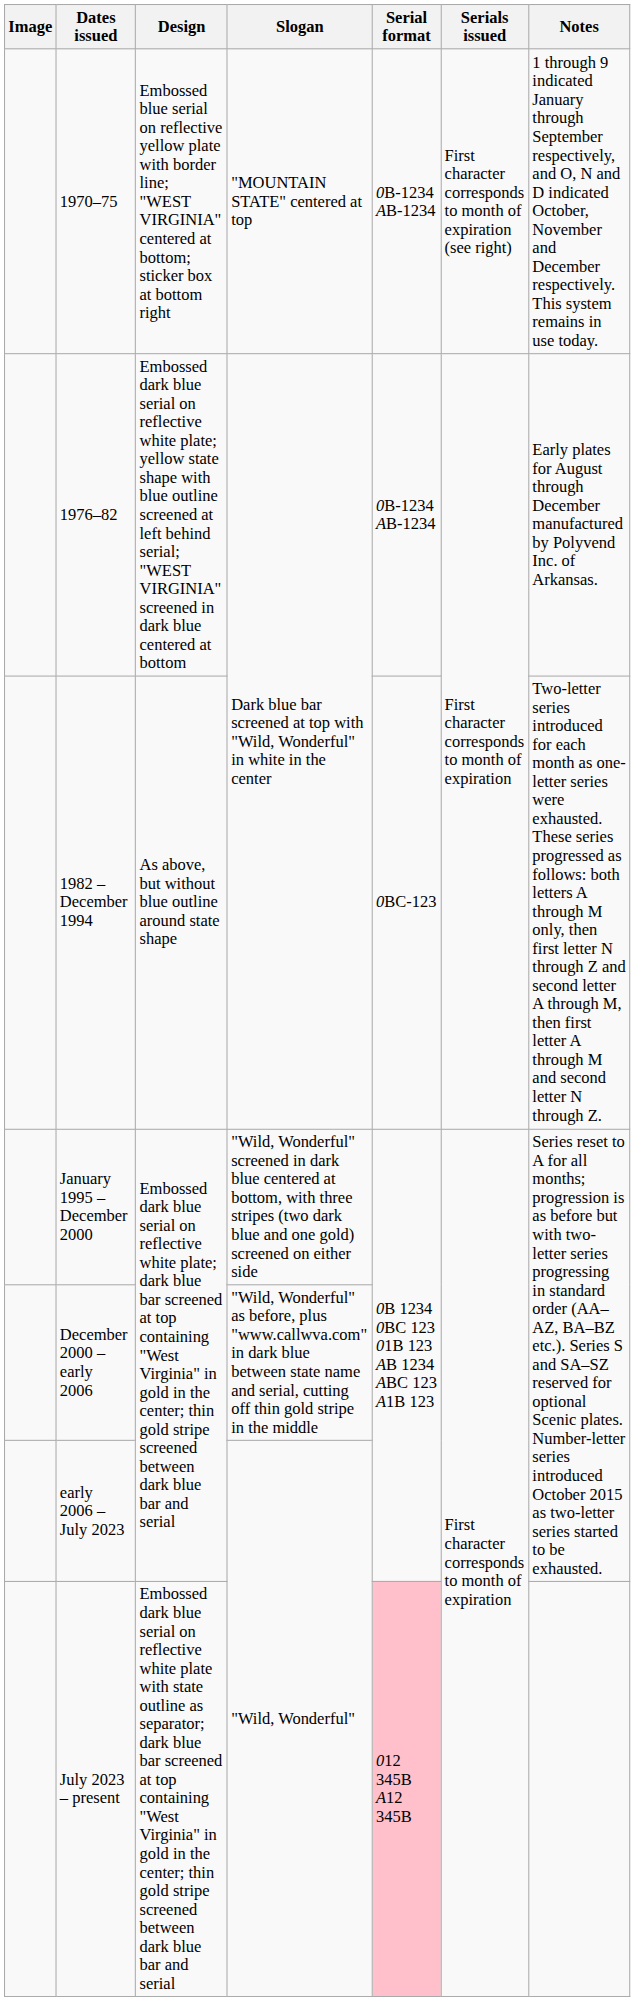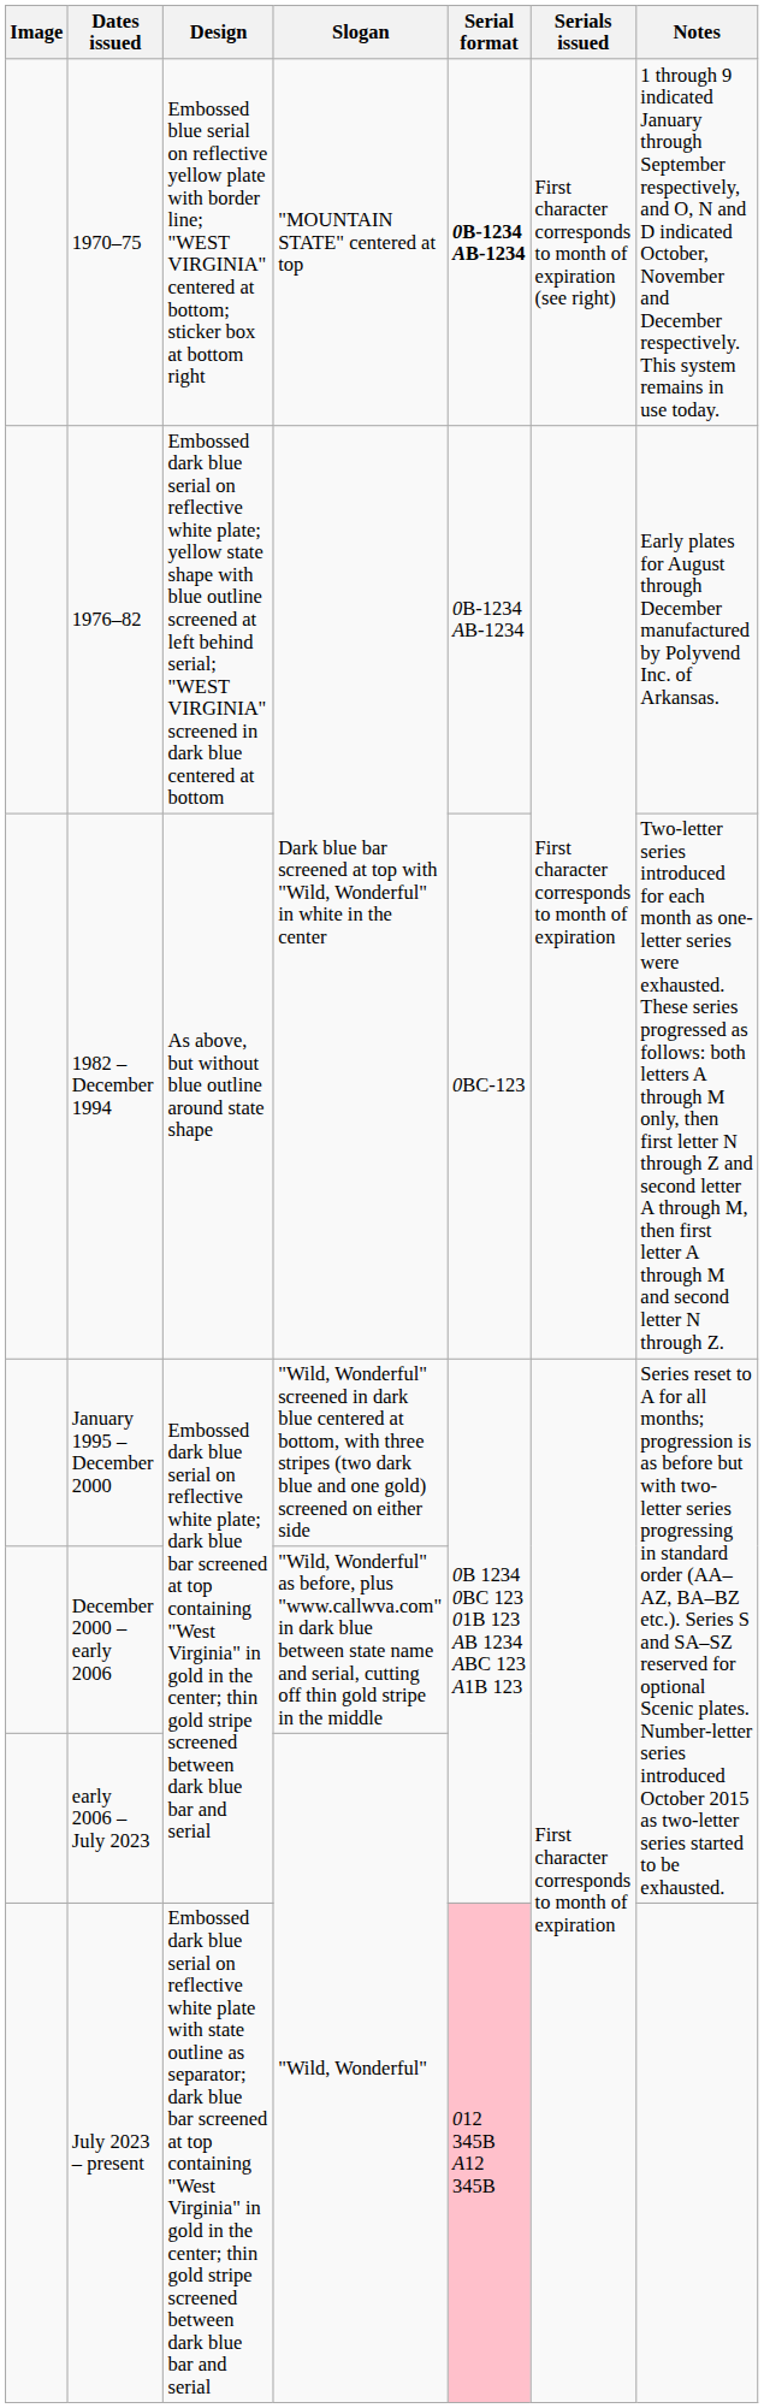 <table class="wikitable">
 <tr>
 <th>Image</th>
 <th style="width:70px;">Dates issued</th>
 <th>Design</th>
 <th>Slogan</th>
 <th>Serial format</th>
 <th>Serials issued</th>
 <th>Notes</th>
 </tr>
 <tr>
 <td></td>
 <td>1970–75</td>
 <td>Embossed blue serial on reflective yellow plate with border line; "WEST VIRGINIA" centered at bottom; sticker box at bottom right</td>
 <td>"MOUNTAIN STATE" centered at top</td>
-<td><em>0</em>B-1234<br><em>A</em>B-1234</td>
+<td><strong><em>0</em>B-1234<br><em>A</em>B-1234</strong></td>
 <td>First character corresponds to month of expiration (see right)</td>
 <td>1 through 9 indicated January through September respectively, and O, N and D indicated October, November and December respectively. This system remains in use today.</td>
 </tr>
 <tr>
 <td></td>
 <td>1976–82</td>
 <td>Embossed dark blue serial on reflective white plate; yellow state shape with blue outline screened at left behind serial; "WEST VIRGINIA" screened in dark blue centered at bottom</td>
 <td rowspan="2">Dark blue bar screened at top with "Wild, Wonderful" in white in the center</td>
 <td><em>0</em>B-1234<br><em>A</em>B-1234</td>
 <td rowspan="2">First character corresponds to month of expiration</td>
 <td>Early plates for August through December manufactured by Polyvend Inc. of Arkansas.</td>
 </tr>
 <tr>
 <td></td>
 <td>1982 – December 1994</td>
 <td>As above, but without blue outline around state shape</td>
 <td><em>0</em>BC-123<br></td>
 <td>Two-letter series introduced for each month as one-letter series were exhausted. These series progressed as follows: both letters A through M only, then first letter N through Z and second letter A through M, then first letter A through M and second letter N through Z.</td>
 </tr>
 <tr>
 <td></td>
 <td>January 1995 – December 2000</td>
 <td rowspan="3">Embossed dark blue serial on reflective white plate; dark blue bar screened at top containing "West Virginia" in gold in the center; thin gold stripe screened between dark blue bar and serial</td>
 <td>"Wild, Wonderful" screened in dark blue centered at bottom, with three stripes (two dark blue and one gold) screened on either side</td>
 <td rowspan="3"><em>0</em>B 1234<br><em>0</em>BC 123<br><em>0</em>1B 123<br><em>A</em>B 1234<br><em>A</em>BC 123<br><em>A</em>1B 123</td>
 <td rowspan="4">First character corresponds to month of expiration</td>
 <td rowspan="3">Series reset to A for all months; progression is as before but with two-letter series progressing in standard order (AA–AZ, BA–BZ etc.). Series S and SA–SZ reserved for optional Scenic plates. Number-letter series introduced October 2015 as two-letter series started to be exhausted.</td>
 </tr>
 <tr>
 <td></td>
 <td>December 2000 – early<br>2006</td>
 <td>"Wild, Wonderful" as before, plus "www.callwva.com" in dark blue between state name and serial, cutting off thin gold stripe in the middle</td>
 </tr>
 <tr>
 <td></td>
 <td>early 2006 – July 2023</td>
 <td rowspan="2">"Wild, Wonderful"</td>
 </tr>
 <tr>
 <td></td>
 <td>July 2023 – present</td>
 <td>Embossed dark blue serial on reflective white plate with state outline as separator; dark blue bar screened at top containing "West Virginia" in gold in the center; thin gold stripe screened between dark blue bar and serial</td>
 <td style="background: pink;"><em>0</em>12 345B<br><em>A</em>12 345B</td>
 <td></td>
 </tr>
 </table>
